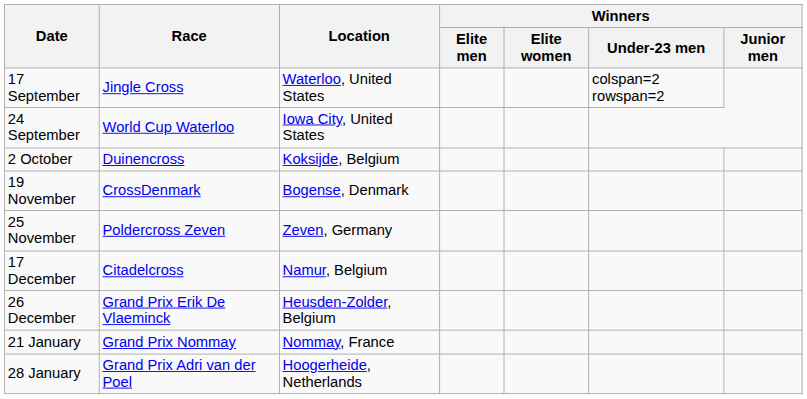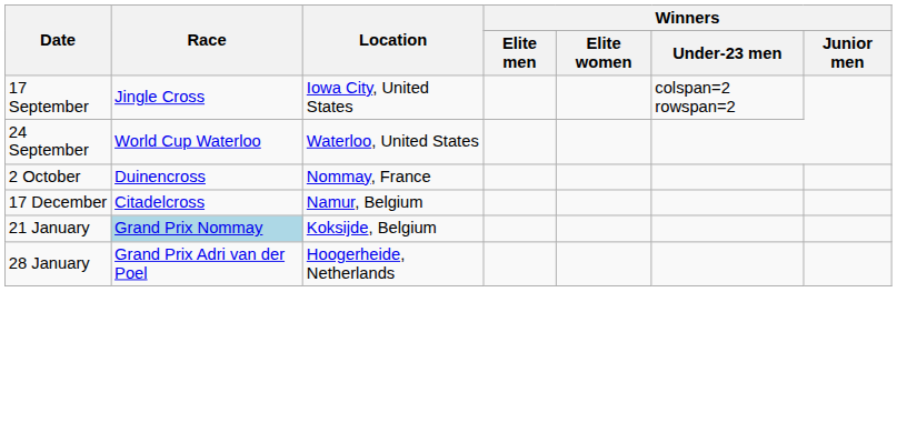 <table class="wikitable">
 <tr>
 <th rowspan=2>Date</th>
 <th rowspan=2>Race</th>
 <th rowspan=2>Location</th>
 <th colspan=4>Winners</th>
 </tr>
 <tr>
 <th>Elite men</th>
 <th>Elite women</th>
 <th>Under-23 men</th>
 <th>Junior men</th>
 </tr>
 <tr>
 <td>17 September</td>
 <td><a href='#'>Jingle Cross</a></td>
-<td> <a href='#'>Waterloo</a>, United States</td>
+<td> <a href='#'>Iowa City</a>, United States</td>
 <td></td>
 <td></td>
 <td>colspan=2 rowspan=2 </td>
 </tr>
 <tr>
 <td>24 September</td>
 <td><a href='#'>World Cup Waterloo</a></td>
-<td> <a href='#'>Iowa City</a>, United States</td>
+<td> <a href='#'>Waterloo</a>, United States</td>
 <td></td>
 <td></td>
 </tr>
 <tr>
 <td>2 October</td>
 <td><a href='#'>Duinencross</a></td>
-<td> <a href='#'>Koksijde</a>, Belgium</td>
-<td></td>
-<td></td>
-<td></td>
-<td></td>
-</tr>
-<tr>
-<td>19 November</td>
-<td><a href='#'>CrossDenmark</a></td>
-<td> <a href='#'>Bogense</a>, Denmark</td>
-<td></td>
-<td></td>
-<td></td>
-<td></td>
-</tr>
-<tr>
-<td>25 November</td>
-<td><a href='#'>Poldercross Zeven</a></td>
-<td> <a href='#'>Zeven</a>, Germany</td>
+<td> <a href='#'>Nommay</a>, France</td>
 <td></td>
 <td></td>
 <td></td>
 <td></td>
 </tr>
 <tr>
 <td>17 December</td>
 <td><a href='#'>Citadelcross</a></td>
 <td> <a href='#'>Namur</a>, Belgium</td>
 <td></td>
 <td></td>
 <td></td>
 <td></td>
 </tr>
 <tr>
-<td>26 December</td>
-<td><a href='#'>Grand Prix Erik De Vlaeminck</a></td>
-<td> <a href='#'>Heusden-Zolder</a>, Belgium</td>
-<td></td>
-<td></td>
-<td></td>
-<td></td>
-</tr>
-<tr>
 <td>21 January</td>
-<td><a href='#'>Grand Prix Nommay</a></td>
-<td> <a href='#'>Nommay</a>, France</td>
+<td style="background: lightblue;"><a href='#'>Grand Prix Nommay</a></td>
+<td> <a href='#'>Koksijde</a>, Belgium</td>
 <td></td>
 <td></td>
 <td></td>
 <td></td>
 </tr>
 <tr>
 <td>28 January</td>
 <td><a href='#'>Grand Prix Adri van der Poel</a></td>
 <td> <a href='#'>Hoogerheide</a>, Netherlands</td>
 <td></td>
 <td></td>
 <td></td>
 <td></td>
 </tr>
 </table>
